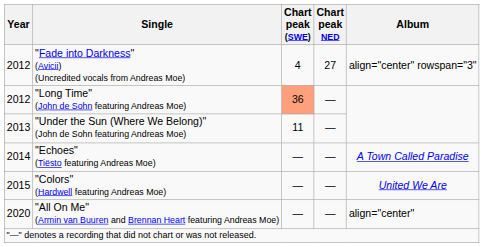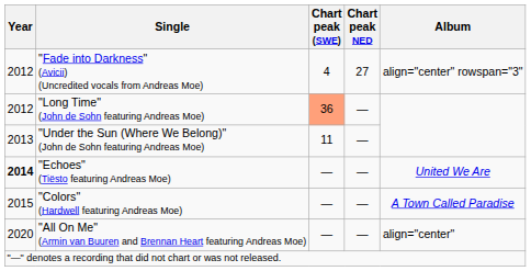 <table class="wikitable plainrowheaders">
 <tr>
 <th>Year</th>
 <th>Single</th>
 <th>Chart <br>peak<br><small>(<a href='#'>SWE</a>)<br></small></th>
 <th>Chart <br>peak<br><small><a href='#'>NED</a><br></small></th>
 <th>Album</th>
 </tr>
 <tr>
 <td>2012</td>
 <td>"<a href='#'>Fade into Darkness</a>" <br><small>(<a href='#'>Avicii</a>)<br>(Uncredited vocals from Andreas Moe)</small></td>
 <td align="center">4</td>
 <td align="center">27</td>
 <td>align="center" rowspan="3" </td>
 </tr>
 <tr>
 <td>2012</td>
 <td>"Long Time" <br><small>(<a href='#'>John de Sohn</a> featuring Andreas Moe)</small></td>
 <td align="center" style="background: lightsalmon;">36</td>
 <td align="center">—</td>
 </tr>
 <tr>
 <td>2013</td>
 <td>"Under the Sun (Where We Belong)" <br><small>(John de Sohn featuring Andreas Moe)</small></td>
 <td align="center">11</td>
 <td align="center">—</td>
 </tr>
 <tr>
-<td>2014</td>
+<td><strong>2014</strong></td>
 <td>"Echoes" <br><small>(<a href='#'>Tiësto</a> featuring Andreas Moe)</small></td>
 <td align="center">—</td>
 <td align="center">—</td>
-<td align="center"><em><a href='#'>A Town Called Paradise</a></em></td>
+<td align="center"><em><a href='#'>United We Are</a></em></td>
 </tr>
 <tr>
 <td>2015</td>
 <td>"Colors" <br><small>(<a href='#'>Hardwell</a> featuring Andreas Moe)</small></td>
 <td align="center">—</td>
 <td align="center">—</td>
-<td align="center"><em><a href='#'>United We Are</a></em></td>
+<td align="center"><em><a href='#'>A Town Called Paradise</a></em></td>
 </tr>
 <tr>
 <td>2020</td>
 <td>"All On Me" <br><small>(<a href='#'>Armin van Buuren</a> and <a href='#'>Brennan Heart</a> featuring Andreas Moe)</small></td>
 <td align="center">—</td>
 <td align="center">—</td>
 <td>align="center" </td>
 </tr>
 <tr>
 <td colspan="5" style="font-size:85%">"—" denotes a recording that did not chart or was not released.</td>
 </tr>
 </table>
